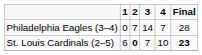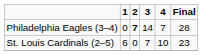 <table class="wikitable" 80%>
 <tr align="center">
 <td></td>
 <td><strong>1</strong></td>
 <td><strong>2</strong></td>
 <td><strong>3</strong></td>
 <td><strong>4</strong></td>
 <td><strong>Final</strong></td>
 </tr>
 <tr align="center" bgcolor="">
 <td – align="left">Philadelphia Eagles  (3–4)</td>
 <td>0</td>
-<td>7</td>
+<td><strong>7</strong></td>
 <td>14</td>
 <td>7</td>
 <td>28</td>
 </tr>
 <tr align="center" bgcolor="">
 <td – align="left">St. Louis Cardinals (2–5)</td>
 <td>6</td>
-<td><strong>0</strong></td>
+<td>0</td>
 <td>7</td>
 <td>10</td>
-<td><strong>23</strong></td>
+<td>23</td>
 </tr>
 <tr align="center" bgcolor="">
 </tr>
 </table>
